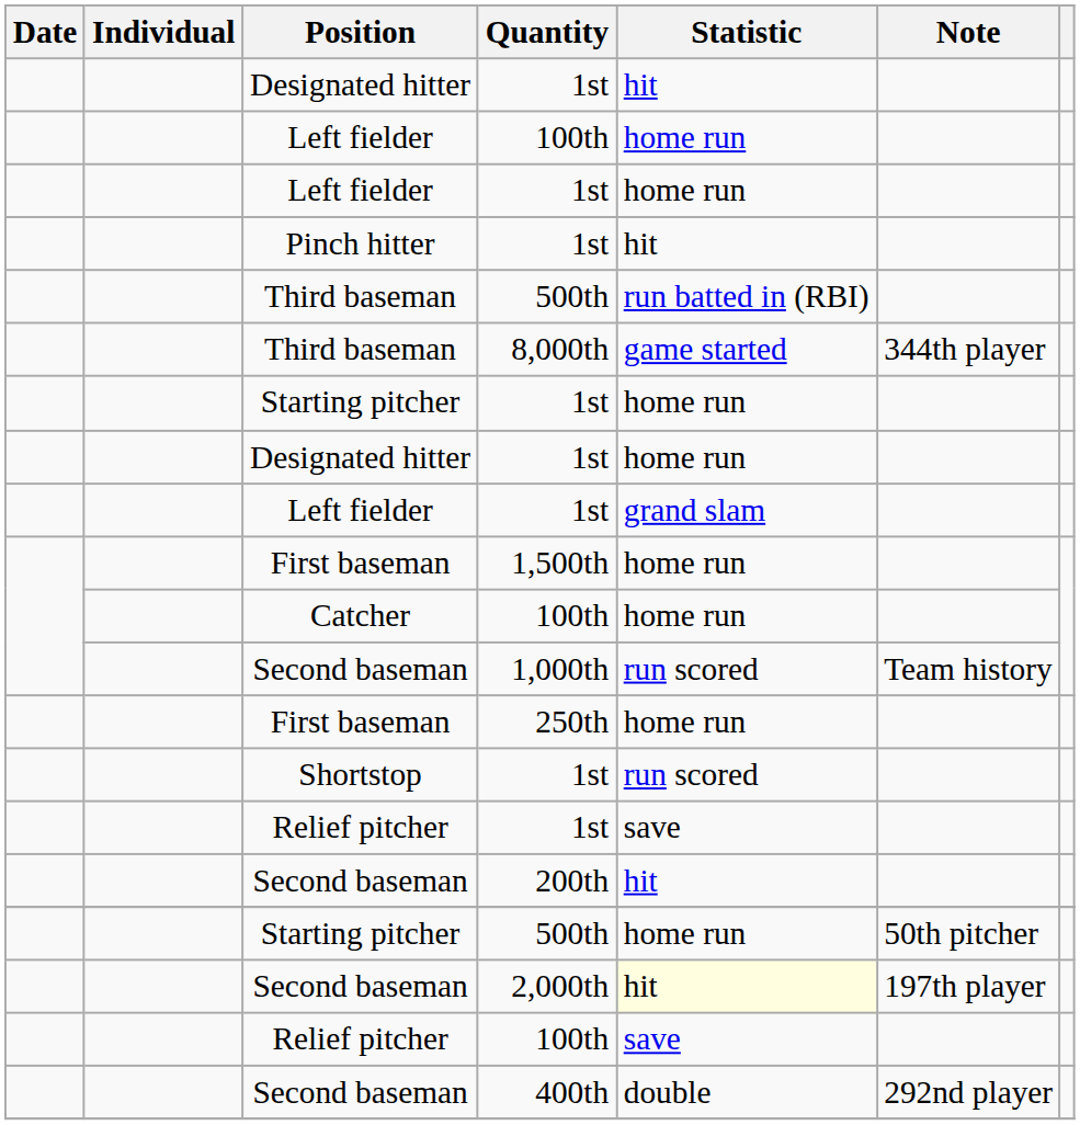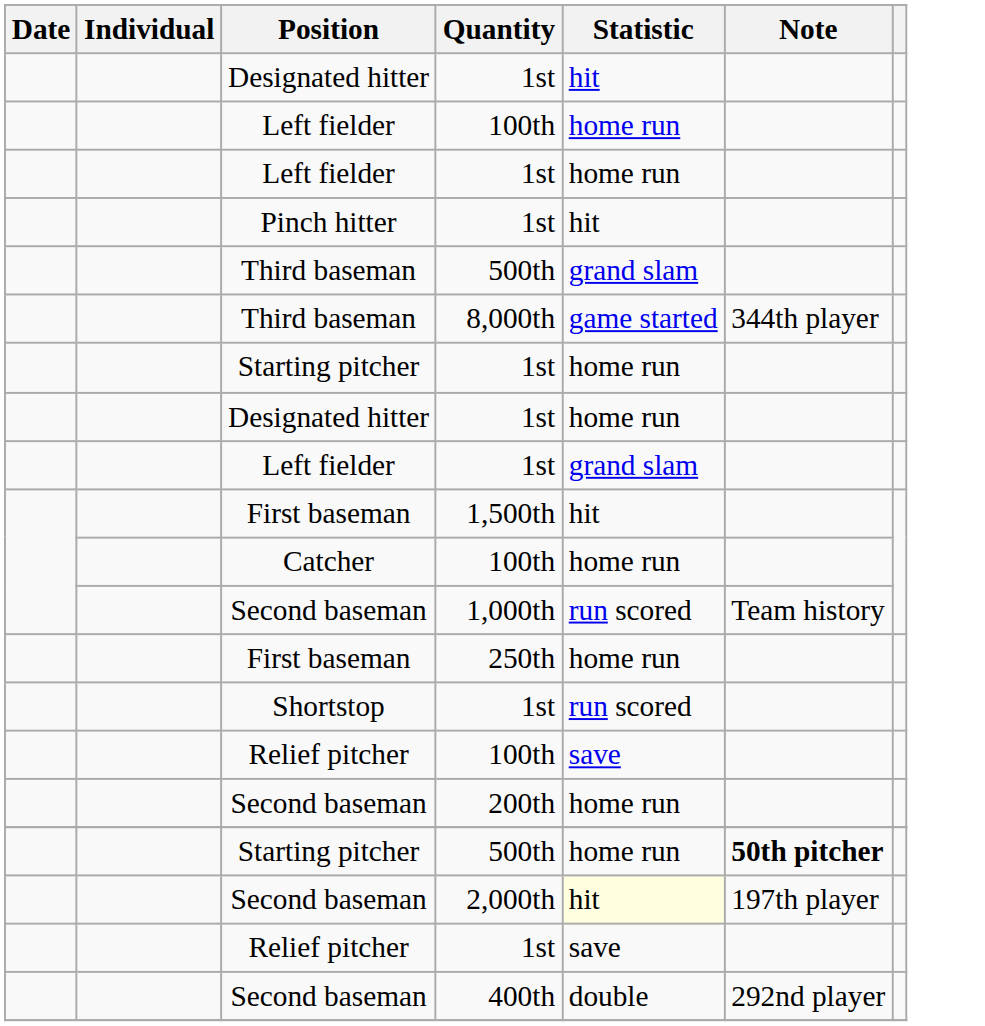 <table class="wikitable sortable" style="font-size: 95%">
 <tr>
 <th>Date</th>
 <th>Individual</th>
 <th>Position</th>
 <th>Quantity</th>
 <th>Statistic</th>
 <th>Note</th>
 <th></th>
 </tr>
 <tr>
 <td></td>
 <td></td>
 <td align=center>Designated hitter</td>
 <td align=right>1st</td>
 <td><a href='#'>hit</a></td>
 <td align=center></td>
 <td align=center></td>
 </tr>
 <tr>
 <td></td>
 <td></td>
 <td align=center>Left fielder</td>
 <td align=right>100th</td>
 <td><a href='#'>home run</a></td>
 <td align=center></td>
 <td align=center></td>
 </tr>
 <tr>
 <td></td>
 <td></td>
 <td align=center>Left fielder</td>
 <td align=right>1st</td>
 <td>home run</td>
 <td align=center></td>
 <td align=center></td>
 </tr>
 <tr>
 <td></td>
 <td></td>
 <td align=center>Pinch hitter</td>
 <td align=right>1st</td>
 <td>hit</td>
 <td align=center></td>
 <td align=center></td>
 </tr>
 <tr>
 <td></td>
 <td></td>
 <td align=center>Third baseman</td>
 <td align=right>500th</td>
-<td><a href='#'>run batted in</a> (RBI)</td>
+<td><a href='#'>grand slam</a></td>
 <td align=center></td>
 <td align=center></td>
 </tr>
 <tr>
 <td></td>
 <td></td>
 <td align=center>Third baseman</td>
 <td align=right>8,000th</td>
 <td><a href='#'>game started</a></td>
 <td>344th player</td>
 <td align=center></td>
 </tr>
 <tr>
 <td></td>
 <td></td>
 <td align=center>Starting pitcher</td>
 <td align=right>1st</td>
 <td>home run</td>
 <td></td>
 <td align=center></td>
 </tr>
 <tr>
 <td></td>
 <td></td>
 <td align=center>Designated hitter</td>
 <td align=right>1st</td>
 <td>home run</td>
 <td></td>
 <td align=center></td>
 </tr>
 <tr>
 <td></td>
 <td></td>
 <td align=center>Left fielder</td>
 <td align=right>1st</td>
 <td><a href='#'>grand slam</a></td>
 <td></td>
 <td align=center></td>
 </tr>
 <tr>
 <td rowspan=3></td>
 <td></td>
 <td align=center>First baseman</td>
 <td align=right>1,500th</td>
-<td>home run</td>
+<td>hit</td>
 <td></td>
 <td rowspan=3 align=center></td>
 </tr>
 <tr>
 <td></td>
 <td align=center>Catcher</td>
 <td align=right>100th</td>
 <td>home run</td>
 <td></td>
 </tr>
 <tr>
 <td></td>
 <td align=center>Second baseman</td>
 <td align=right>1,000th</td>
 <td><a href='#'>run</a> scored</td>
 <td>Team history</td>
 </tr>
 <tr>
 <td></td>
 <td></td>
 <td align=center>First baseman</td>
 <td align=right>250th</td>
 <td>home run</td>
 <td></td>
 <td align=center></td>
 </tr>
 <tr>
 <td></td>
 <td></td>
 <td align=center>Shortstop</td>
 <td align=right>1st</td>
 <td><a href='#'>run</a> scored</td>
 <td></td>
 <td align=center></td>
 </tr>
 <tr>
 <td></td>
 <td></td>
 <td align=center>Relief pitcher</td>
-<td align=right>1st</td>
-<td>save</td>
+<td align=right>100th</td>
+<td><a href='#'>save</a></td>
 <td></td>
 <td align=center></td>
 </tr>
 <tr>
 <td></td>
 <td></td>
 <td align=center>Second baseman</td>
 <td align=right>200th</td>
-<td><a href='#'>hit</a></td>
+<td>home run</td>
 <td></td>
 <td align=center></td>
 </tr>
 <tr>
 </tr>
 <tr>
 <td></td>
 <td></td>
 <td align=center>Starting pitcher</td>
 <td align=right>500th</td>
 <td>home run</td>
-<td>50th pitcher</td>
+<td><strong>50th pitcher</strong></td>
 <td align=center></td>
 </tr>
 <tr>
 <td></td>
 <td></td>
 <td align=center>Second baseman</td>
 <td align=right>2,000th</td>
 <td style="background: lightyellow;">hit</td>
 <td>197th player</td>
 <td align=center></td>
 </tr>
 <tr>
 <td></td>
 <td></td>
 <td align=center>Relief pitcher</td>
-<td align=right>100th</td>
-<td><a href='#'>save</a></td>
+<td align=right>1st</td>
+<td>save</td>
 <td></td>
 <td align=center></td>
 </tr>
 <tr>
 <td></td>
 <td></td>
 <td align=center>Second baseman</td>
 <td align=right>400th</td>
 <td>double</td>
 <td>292nd player</td>
 <td align=center></td>
 </tr>
 <tr>
 </tr>
 </table>
